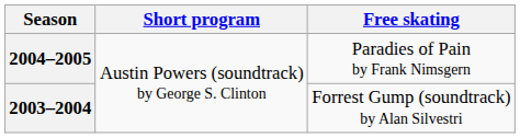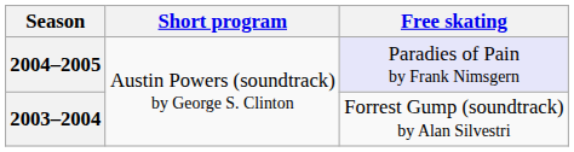 <table class="wikitable" style="text-align:center">
 <tr>
 <th>Season</th>
 <th><a href='#'>Short program</a></th>
 <th><a href='#'>Free skating</a></th>
 </tr>
 <tr>
 <th>2004–2005</th>
 <td rowspan=2>Austin Powers (soundtrack) <br><small> by George S. Clinton</small></td>
-<td>Paradies of Pain <br><small> by Frank Nimsgern</small></td>
+<td style="background: lavender;">Paradies of Pain <br><small> by Frank Nimsgern</small></td>
 </tr>
 <tr>
 <th>2003–2004</th>
 <td>Forrest Gump (soundtrack) <br><small> by Alan Silvestri</small></td>
 </tr>
 </table>
